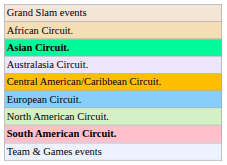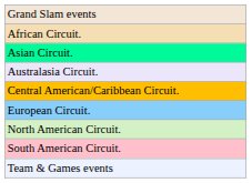 <table class=wikitable style=font-size:95%;width:25%>
 <tr style="background:#F3E6D7">
 <td>Grand Slam events</td>
 </tr>
 <tr style="background:#F5DEB3;">
 <td>African Circuit.</td>
 </tr>
 <tr style="background:#00FA9A;">
-<td><strong>Asian Circuit.</strong></td>
+<td>Asian Circuit.</td>
 </tr>
 <tr style="background:#ebe6fa;">
 <td>Australasia Circuit.</td>
 </tr>
 <tr style="background:#FFBF00;">
 <td>Central American/Caribbean Circuit.</td>
 </tr>
 <tr style="background:#87CEFA;">
 <td>European Circuit.</td>
 </tr>
 <tr style="background:#D4F1C5;">
 <td>North American Circuit.</td>
 </tr>
 <tr style="background:#FFC0CB;">
-<td><strong>South American Circuit.</strong></td>
+<td>South American Circuit.</td>
 </tr>
 <tr style="background:#ECF2FF;">
 <td>Team & Games events</td>
 </tr>
 </table>
